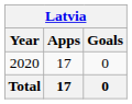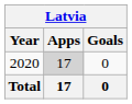 <table class="wikitable" style="text-align:center">
 <tr>
 <th colspan=3><a href='#'>Latvia</a></th>
 </tr>
 <tr>
 <th>Year</th>
 <th>Apps</th>
 <th>Goals</th>
 </tr>
 <tr>
 <td>2020</td>
-<td>17</td>
+<td style="background: lightgrey;">17</td>
 <td>0</td>
 </tr>
 <tr>
 <th>Total</th>
 <th>17</th>
 <th>0</th>
 </tr>
 </table>
